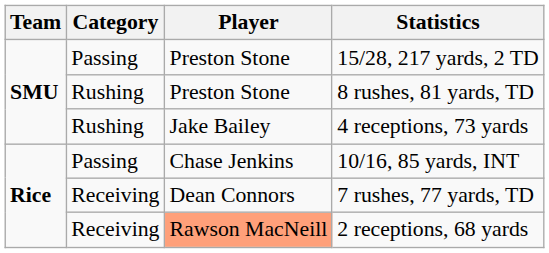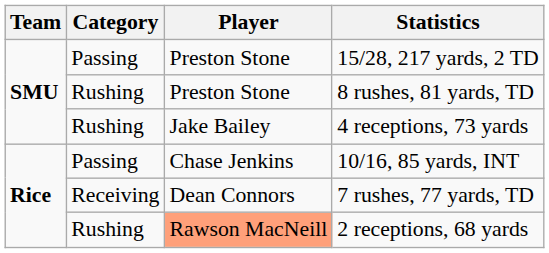 <table class="wikitable" style="float: right;">
 <tr>
 <th>Team</th>
 <th>Category</th>
 <th>Player</th>
 <th>Statistics</th>
 </tr>
 <tr>
 <td rowspan=3><strong>SMU</strong></td>
 <td>Passing</td>
 <td>Preston Stone</td>
 <td>15/28, 217 yards, 2 TD</td>
 </tr>
 <tr>
 <td>Rushing</td>
 <td>Preston Stone</td>
 <td>8 rushes, 81 yards, TD</td>
 </tr>
 <tr>
 <td>Rushing</td>
 <td>Jake Bailey</td>
 <td>4 receptions, 73 yards</td>
 </tr>
 <tr>
 <td rowspan=3><strong>Rice</strong></td>
 <td>Passing</td>
 <td>Chase Jenkins</td>
 <td>10/16, 85 yards, INT</td>
 </tr>
 <tr>
 <td>Receiving</td>
 <td>Dean Connors</td>
 <td>7 rushes, 77 yards, TD</td>
 </tr>
 <tr>
-<td>Receiving</td>
+<td>Rushing</td>
 <td style="background: lightsalmon;">Rawson MacNeill</td>
 <td>2 receptions, 68 yards</td>
 </tr>
 </table>
